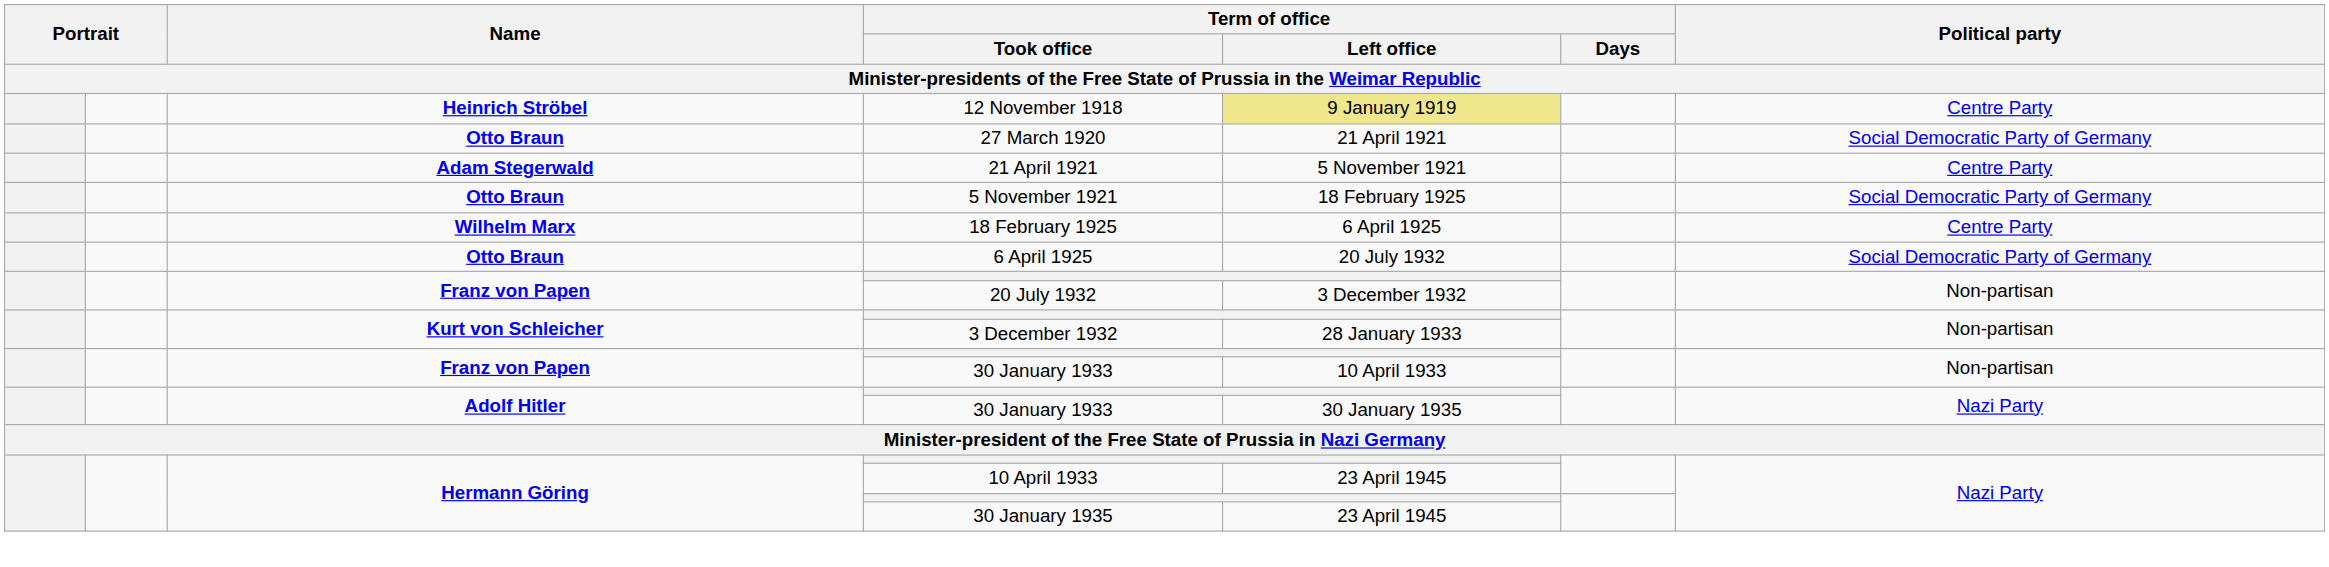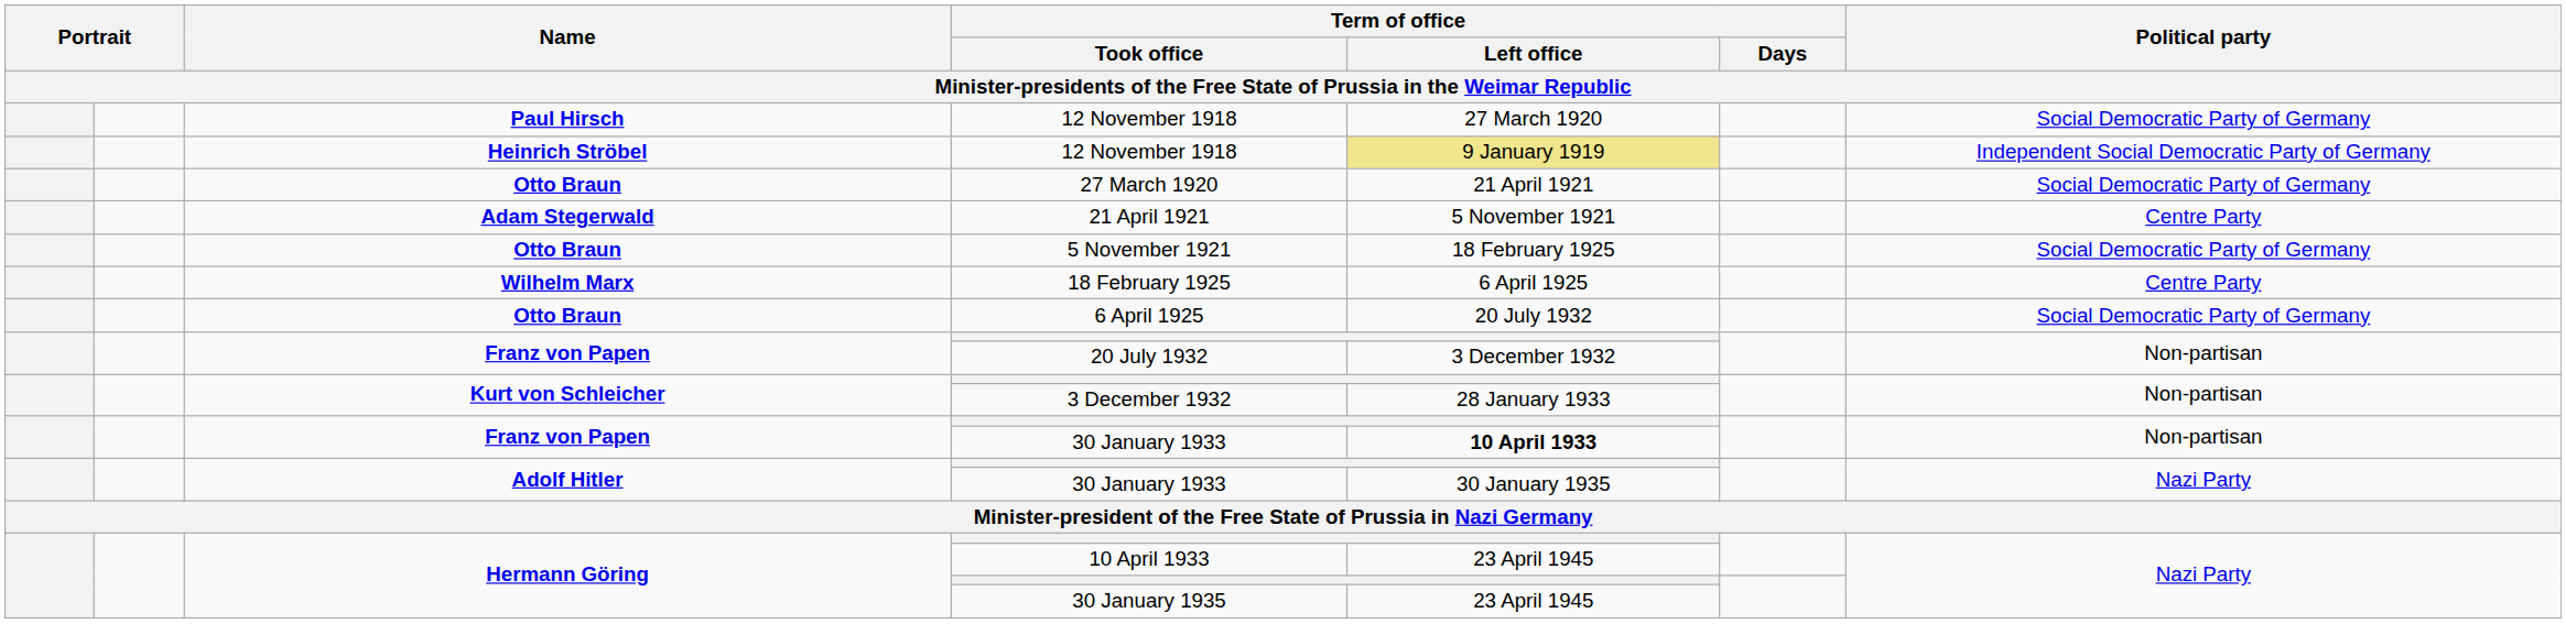 <table class="wikitable" style="text-align:center; width:100%; border:1px #AAAAFF solid">
 <tr>
 <th width=80px rowspan=2 colspan=2>Portrait</th>
 <th width=30% rowspan=2>Name<br></th>
 <th width=35% colspan=3>Term of office</th>
 <th width=28% rowspan=2>Political party</th>
 </tr>
 <tr>
 <th>Took office</th>
 <th>Left office</th>
 <th>Days</th>
 </tr>
 <tr>
 <th colspan="7">Minister-presidents of the Free State of Prussia in the <a href='#'>Weimar Republic</a></th>
 </tr>
 <tr>
 <th style="background:"></th>
 <td></td>
+<td><strong><a href='#'>Paul Hirsch</a></strong><br></td>
+<td>12 November 1918</td>
+<td>27 March 1920</td>
+<td></td>
+<td><a href='#'>Social Democratic Party of Germany</a></td>
+</tr>
+<tr>
+<th style="background:"></th>
+<td></td>
 <td><strong><a href='#'>Heinrich Ströbel</a></strong><br></td>
 <td>12 November 1918</td>
 <td style="background: khaki;">9 January 1919</td>
 <td></td>
-<td><a href='#'>Centre Party</a></td>
+<td><a href='#'>Independent Social Democratic Party of Germany</a></td>
 </tr>
 <tr>
 <th style="background:"></th>
 <td></td>
 <td><strong><a href='#'>Otto Braun</a></strong><br></td>
 <td>27 March 1920</td>
 <td>21 April 1921</td>
 <td></td>
 <td><a href='#'>Social Democratic Party of Germany</a></td>
 </tr>
 <tr>
 <th style="background:"></th>
 <td></td>
 <td><strong><a href='#'>Adam Stegerwald</a></strong><br></td>
 <td>21 April 1921</td>
 <td>5 November 1921</td>
 <td></td>
 <td><a href='#'>Centre Party</a></td>
 </tr>
 <tr>
 <th style="background:"></th>
 <td></td>
 <td><strong><a href='#'>Otto Braun</a></strong><br></td>
 <td>5 November 1921</td>
 <td>18 February 1925</td>
 <td></td>
 <td><a href='#'>Social Democratic Party of Germany</a></td>
 </tr>
 <tr>
 <th style="background:"></th>
 <td></td>
 <td><strong><a href='#'>Wilhelm Marx</a></strong><br></td>
 <td>18 February 1925</td>
 <td>6 April 1925</td>
 <td></td>
 <td><a href='#'>Centre Party</a></td>
 </tr>
 <tr>
 <th style="background:"></th>
 <td></td>
 <td><strong><a href='#'>Otto Braun</a></strong><br></td>
 <td>6 April 1925</td>
 <td>20 July 1932</td>
 <td></td>
 <td><a href='#'>Social Democratic Party of Germany</a></td>
 </tr>
 <tr>
 <th rowspan="2" style="background:"></th>
 <td rowspan="2"></td>
 <td rowspan="2"><strong><a href='#'>Franz von Papen</a></strong><br></td>
 <th colspan="2"></th>
 <td rowspan="2"></td>
 <td rowspan="2">Non-partisan</td>
 </tr>
 <tr>
 <td>20 July 1932</td>
 <td>3 December 1932</td>
 </tr>
 <tr>
 <th rowspan="2" style="background:"></th>
 <td rowspan="2"></td>
 <td rowspan="2"><strong><a href='#'>Kurt von Schleicher</a></strong><br></td>
 <th colspan="2"></th>
 <td rowspan="2"></td>
 <td rowspan="2">Non-partisan</td>
 </tr>
 <tr>
 <td>3 December 1932</td>
 <td>28 January 1933</td>
 </tr>
 <tr>
 <th rowspan="2" style="background:"></th>
 <td rowspan="2"></td>
 <td rowspan="2"><strong><a href='#'>Franz von Papen</a></strong><br></td>
 <th colspan="2"></th>
 <td rowspan="2"></td>
 <td rowspan="2">Non-partisan</td>
 </tr>
 <tr>
 <td>30 January 1933</td>
-<td>10 April 1933</td>
+<td><strong>10 April 1933</strong></td>
 </tr>
 <tr>
 <th rowspan="2" style="background:"></th>
 <td rowspan="2"></td>
 <td rowspan="2"><strong><a href='#'>Adolf Hitler</a></strong><br></td>
 <th colspan="2"></th>
 <td rowspan="2"></td>
 <td rowspan="2"><a href='#'>Nazi Party</a></td>
 </tr>
 <tr>
 <td>30 January 1933</td>
 <td>30 January 1935</td>
 </tr>
 <tr>
 <th colspan="7">Minister-president of the Free State of Prussia in <a href='#'>Nazi Germany</a></th>
 </tr>
 <tr>
 <th rowspan="4" style="background:"></th>
 <td rowspan="4"></td>
 <td rowspan="4"><strong><a href='#'>Hermann Göring</a></strong><br></td>
 <th colspan="2"></th>
 <td rowspan="2"></td>
 <td rowspan="4"><a href='#'>Nazi Party</a></td>
 </tr>
 <tr>
 <td>10 April 1933</td>
 <td>23 April 1945</td>
 </tr>
 <tr>
 <th colspan="2"></th>
 <td rowspan="2"></td>
 </tr>
 <tr>
 <td>30 January 1935</td>
 <td>23 April 1945</td>
 </tr>
 </table>
